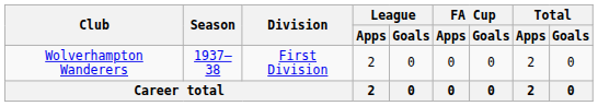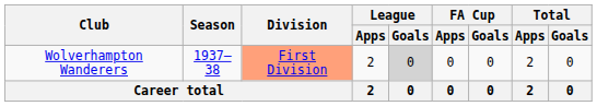 <table class="wikitable" style="text-align:center;">
 <tr>
 <th rowspan="2">Club</th>
 <th rowspan="2">Season</th>
 <th rowspan="2">Division</th>
 <th colspan="2">League</th>
 <th colspan="2">FA Cup</th>
 <th colspan="2">Total</th>
 </tr>
 <tr>
 <th>Apps</th>
 <th>Goals</th>
 <th>Apps</th>
 <th>Goals</th>
 <th>Apps</th>
 <th>Goals</th>
 </tr>
 <tr>
 <td><a href='#'>Wolverhampton Wanderers</a></td>
 <td><a href='#'>1937–38</a></td>
-<td><a href='#'>First Division</a></td>
+<td style="background: lightsalmon;"><a href='#'>First Division</a></td>
 <td>2</td>
-<td>0</td>
+<td style="background: lightgrey;">0</td>
 <td>0</td>
 <td>0</td>
 <td>2</td>
 <td>0</td>
 </tr>
 <tr>
 <th colspan="3">Career total</th>
 <th>2</th>
 <th>0</th>
 <th>0</th>
 <th>0</th>
 <th>2</th>
 <th>0</th>
 </tr>
 </table>
